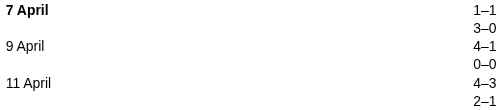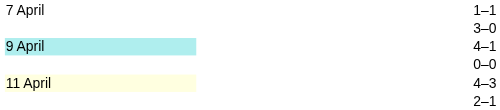 <table cellspacing=1 width=70%>
 <tr>
 <th width=25%></th>
 <th width=30%></th>
 <th width=15%></th>
 <th width=30%></th>
 </tr>
 <tr>
-<td><strong>7 April</strong></td>
+<td>7 April</td>
 <td align=right></td>
 <td align=center>1–1</td>
 <td></td>
 </tr>
 <tr>
 <td></td>
 <td align=right></td>
 <td align=center>3–0</td>
 <td></td>
 </tr>
 <tr>
-<td>9 April</td>
+<td style="background: paleturquoise;">9 April</td>
 <td align=right></td>
 <td align=center>4–1</td>
 <td></td>
 </tr>
 <tr>
 <td></td>
 <td align=right></td>
 <td align=center>0–0</td>
 <td></td>
 </tr>
 <tr>
-<td>11 April</td>
+<td style="background: lightyellow;">11 April</td>
 <td align=right></td>
 <td align=center>4–3</td>
 <td></td>
 </tr>
 <tr>
 <td></td>
 <td align=right></td>
 <td align=center>2–1</td>
 <td></td>
 </tr>
 </table>
